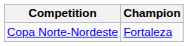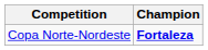 <table class="wikitable">
 <tr>
 <th>Competition</th>
 <th>Champion</th>
 </tr>
 <tr>
 <td><a href='#'>Copa Norte-Nordeste</a></td>
-<td><a href='#'>Fortaleza</a></td>
+<td><strong><a href='#'>Fortaleza</a></strong></td>
 </tr>
 </table>
